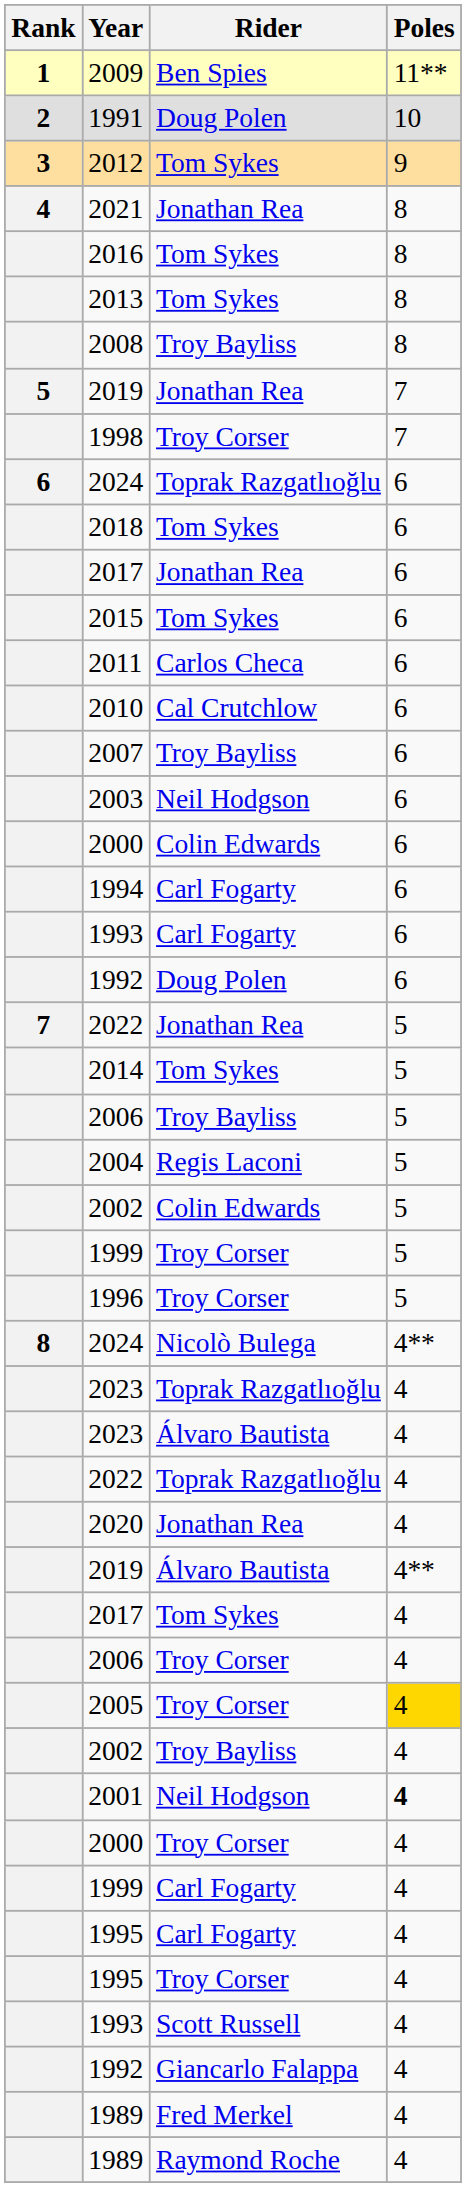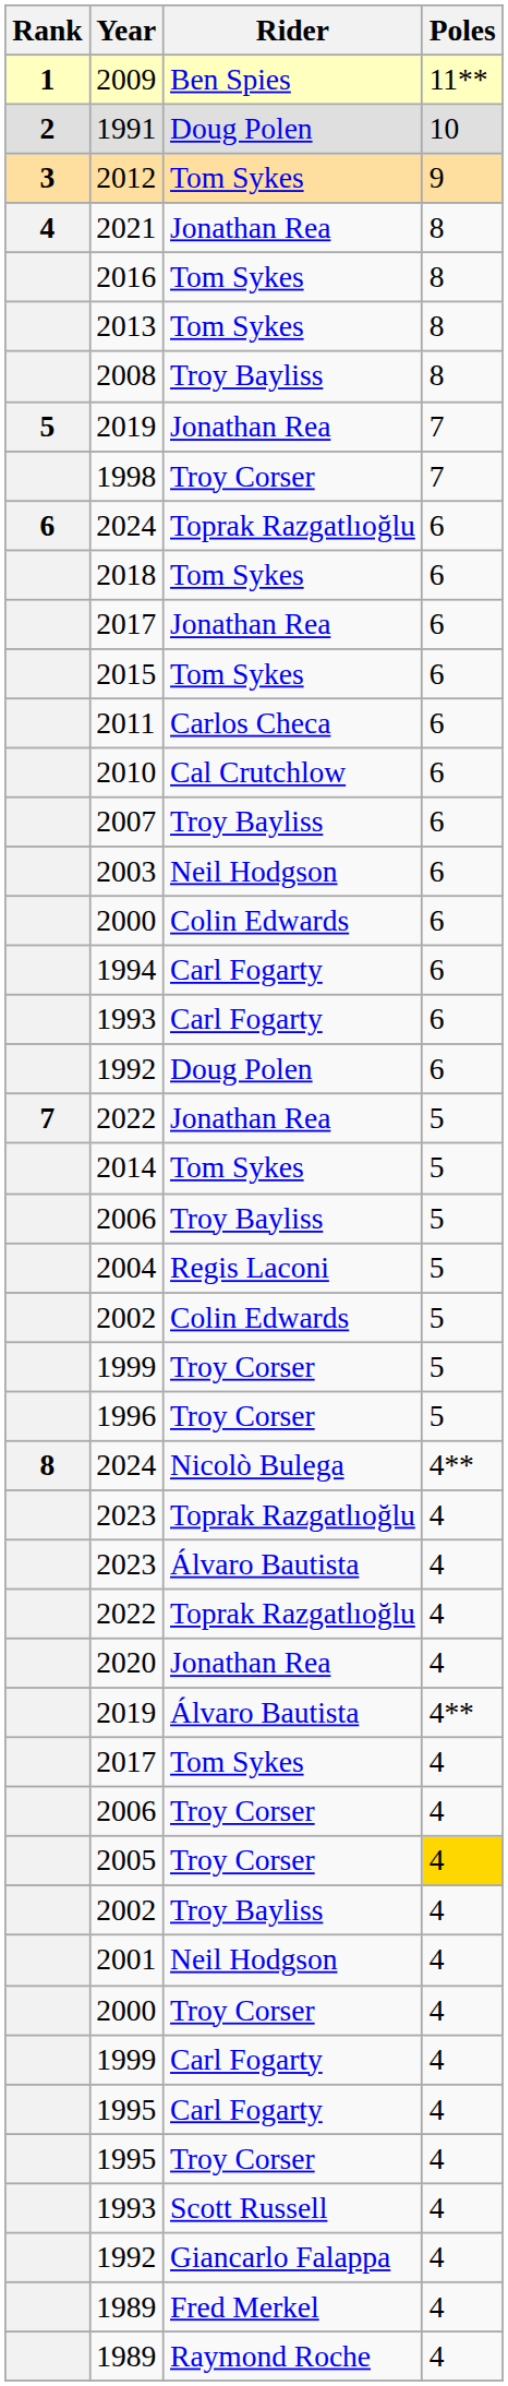 <table class="wikitable" style="font-size: 95%;">
 <tr>
 <th>Rank</th>
 <th>Year</th>
 <th>Rider</th>
 <th>Poles</th>
 </tr>
 <tr>
 <td style="background:#ffffbf;" align="center"><strong>1</strong></td>
 <td style="background:#ffffbf;">2009</td>
 <td style="background:#ffffbf;"> <a href='#'>Ben Spies</a></td>
 <td style="background:#ffffbf;">11**</td>
 </tr>
 <tr>
 <td style="background:#dfdfdf;" align="center"><strong>2</strong></td>
 <td style="background:#dfdfdf;">1991</td>
 <td style="background:#dfdfdf;"> <a href='#'>Doug Polen</a></td>
 <td style="background:#dfdfdf;">10</td>
 </tr>
 <tr>
 <td style="background:#ffdf9f;" align="center"><strong>3</strong></td>
 <td style="background:#ffdf9f;">2012</td>
 <td style="background:#ffdf9f;"> <a href='#'>Tom Sykes</a></td>
 <td style="background:#ffdf9f;">9</td>
 </tr>
 <tr>
 <th>4</th>
 <td>2021</td>
 <td> <a href='#'>Jonathan Rea</a></td>
 <td>8</td>
 </tr>
 <tr>
 <th></th>
 <td>2016</td>
 <td> <a href='#'>Tom Sykes</a></td>
 <td>8</td>
 </tr>
 <tr>
 <th></th>
 <td>2013</td>
 <td> <a href='#'>Tom Sykes</a></td>
 <td>8</td>
 </tr>
 <tr>
 <th></th>
 <td>2008</td>
 <td> <a href='#'>Troy Bayliss</a></td>
 <td>8</td>
 </tr>
 <tr>
 <th>5</th>
 <td>2019</td>
 <td> <a href='#'>Jonathan Rea</a></td>
 <td>7</td>
 </tr>
 <tr>
 <th></th>
 <td>1998</td>
 <td> <a href='#'>Troy Corser</a></td>
 <td>7</td>
 </tr>
 <tr>
 <th>6</th>
 <td>2024</td>
 <td> <a href='#'>Toprak Razgatlıoğlu</a></td>
 <td>6</td>
 </tr>
 <tr>
 <th></th>
 <td>2018</td>
 <td> <a href='#'>Tom Sykes</a></td>
 <td>6</td>
 </tr>
 <tr>
 <th></th>
 <td>2017</td>
 <td> <a href='#'>Jonathan Rea</a></td>
 <td>6</td>
 </tr>
 <tr>
 <th></th>
 <td>2015</td>
 <td> <a href='#'>Tom Sykes</a></td>
 <td>6</td>
 </tr>
 <tr>
 <th></th>
 <td>2011</td>
 <td> <a href='#'>Carlos Checa</a></td>
 <td>6</td>
 </tr>
 <tr>
 <th></th>
 <td>2010</td>
 <td> <a href='#'>Cal Crutchlow</a></td>
 <td>6</td>
 </tr>
 <tr>
 <th></th>
 <td>2007</td>
 <td> <a href='#'>Troy Bayliss</a></td>
 <td>6</td>
 </tr>
 <tr>
 <th></th>
 <td>2003</td>
 <td> <a href='#'>Neil Hodgson</a></td>
 <td>6</td>
 </tr>
 <tr>
 <th></th>
 <td>2000</td>
 <td> <a href='#'>Colin Edwards</a></td>
 <td>6</td>
 </tr>
 <tr>
 <th></th>
 <td>1994</td>
 <td> <a href='#'>Carl Fogarty</a></td>
 <td>6</td>
 </tr>
 <tr>
 <th></th>
 <td>1993</td>
 <td> <a href='#'>Carl Fogarty</a></td>
 <td>6</td>
 </tr>
 <tr>
 <th></th>
 <td>1992</td>
 <td> <a href='#'>Doug Polen</a></td>
 <td>6</td>
 </tr>
 <tr>
 <th>7</th>
 <td>2022</td>
 <td> <a href='#'>Jonathan Rea</a></td>
 <td>5</td>
 </tr>
 <tr>
 <th></th>
 <td>2014</td>
 <td> <a href='#'>Tom Sykes</a></td>
 <td>5</td>
 </tr>
 <tr>
 <th></th>
 <td>2006</td>
 <td> <a href='#'>Troy Bayliss</a></td>
 <td>5</td>
 </tr>
 <tr>
 <th></th>
 <td>2004</td>
 <td> <a href='#'>Regis Laconi</a></td>
 <td>5</td>
 </tr>
 <tr>
 <th></th>
 <td>2002</td>
 <td> <a href='#'>Colin Edwards</a></td>
 <td>5</td>
 </tr>
 <tr>
 <th></th>
 <td>1999</td>
 <td> <a href='#'>Troy Corser</a></td>
 <td>5</td>
 </tr>
 <tr>
 <th></th>
 <td>1996</td>
 <td> <a href='#'>Troy Corser</a></td>
 <td>5</td>
 </tr>
 <tr>
 <th>8</th>
 <td>2024</td>
 <td> <a href='#'>Nicolò Bulega</a></td>
 <td>4**</td>
 </tr>
 <tr>
 <th></th>
 <td>2023</td>
 <td> <a href='#'>Toprak Razgatlıoğlu</a></td>
 <td>4</td>
 </tr>
 <tr>
 <th></th>
 <td>2023</td>
 <td> <a href='#'>Álvaro Bautista</a></td>
 <td>4</td>
 </tr>
 <tr>
 <th></th>
 <td>2022</td>
 <td> <a href='#'>Toprak Razgatlıoğlu</a></td>
 <td>4</td>
 </tr>
 <tr>
 <th></th>
 <td>2020</td>
 <td> <a href='#'>Jonathan Rea</a></td>
 <td>4</td>
 </tr>
 <tr>
 <th></th>
 <td>2019</td>
 <td> <a href='#'>Álvaro Bautista</a></td>
 <td>4**</td>
 </tr>
 <tr>
 <th></th>
 <td>2017</td>
 <td> <a href='#'>Tom Sykes</a></td>
 <td>4</td>
 </tr>
 <tr>
 <th></th>
 <td>2006</td>
 <td> <a href='#'>Troy Corser</a></td>
 <td>4</td>
 </tr>
 <tr>
 <th></th>
 <td>2005</td>
 <td> <a href='#'>Troy Corser</a></td>
 <td style="background: gold;">4</td>
 </tr>
 <tr>
 <th></th>
 <td>2002</td>
 <td> <a href='#'>Troy Bayliss</a></td>
 <td>4</td>
 </tr>
 <tr>
 <th></th>
 <td>2001</td>
 <td> <a href='#'>Neil Hodgson</a></td>
-<td><strong>4</strong></td>
+<td>4</td>
 </tr>
 <tr>
 <th></th>
 <td>2000</td>
 <td> <a href='#'>Troy Corser</a></td>
 <td>4</td>
 </tr>
 <tr>
 <th></th>
 <td>1999</td>
 <td> <a href='#'>Carl Fogarty</a></td>
 <td>4</td>
 </tr>
 <tr>
 <th></th>
 <td>1995</td>
 <td> <a href='#'>Carl Fogarty</a></td>
 <td>4</td>
 </tr>
 <tr>
 <th></th>
 <td>1995</td>
 <td> <a href='#'>Troy Corser</a></td>
 <td>4</td>
 </tr>
 <tr>
 <th></th>
 <td>1993</td>
 <td> <a href='#'>Scott Russell</a></td>
 <td>4</td>
 </tr>
 <tr>
 <th></th>
 <td>1992</td>
 <td> <a href='#'>Giancarlo Falappa</a></td>
 <td>4</td>
 </tr>
 <tr>
 <th></th>
 <td>1989</td>
 <td> <a href='#'>Fred Merkel</a></td>
 <td>4</td>
 </tr>
 <tr>
 <th></th>
 <td>1989</td>
 <td> <a href='#'>Raymond Roche</a></td>
 <td>4</td>
 </tr>
 <tr>
 </tr>
 </table>
